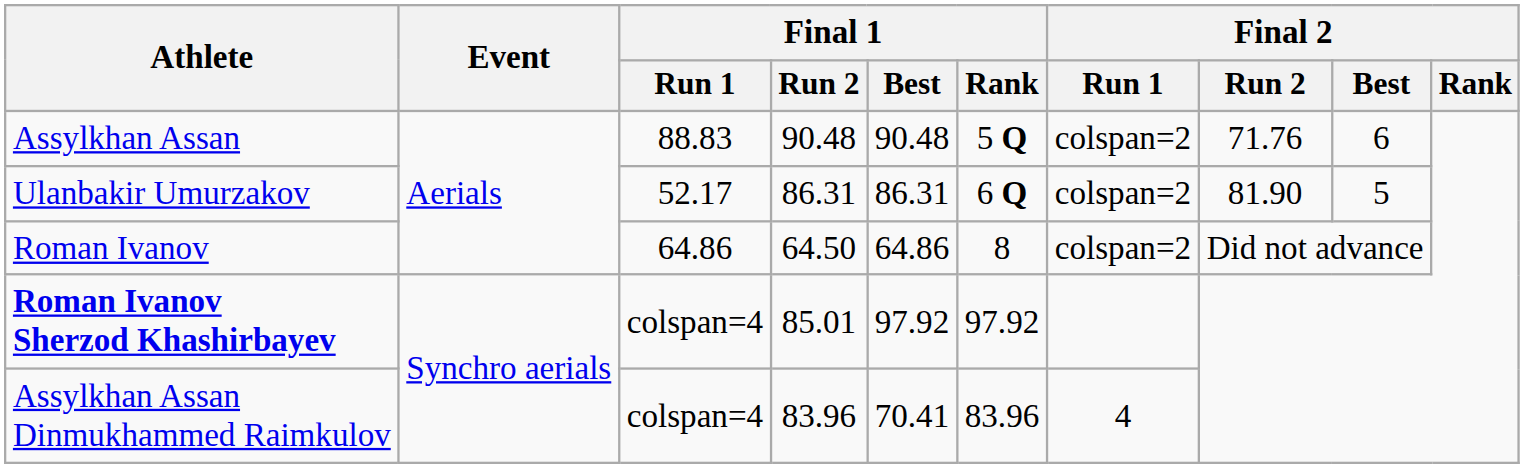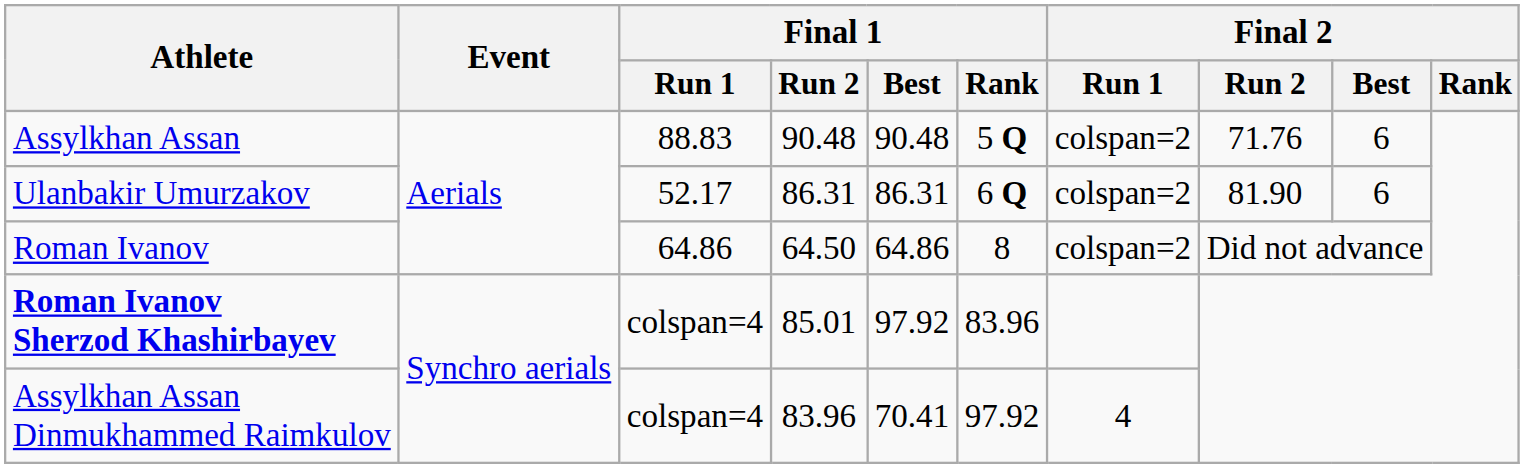 <table class=wikitable style=font-size:90%;text-align:center>
 <tr>
 <th rowspan=2>Athlete</th>
 <th rowspan=2>Event</th>
 <th colspan=4>Final 1</th>
 <th colspan=4>Final 2</th>
 </tr>
 <tr style="font-size:95%">
 <th>Run 1</th>
 <th>Run 2</th>
 <th>Best</th>
 <th>Rank</th>
 <th>Run 1</th>
 <th>Run 2</th>
 <th>Best</th>
 <th>Rank</th>
 </tr>
 <tr align=center>
 <td align=left><a href='#'>Assylkhan Assan</a></td>
 <td align=left rowspan=3><a href='#'>Aerials</a></td>
 <td>88.83</td>
 <td>90.48</td>
 <td>90.48</td>
 <td>5 <strong>Q</strong></td>
 <td>colspan=2 </td>
 <td>71.76</td>
 <td>6</td>
 </tr>
 <tr align=center>
 <td align=left><a href='#'>Ulanbakir Umurzakov</a></td>
 <td>52.17</td>
 <td>86.31</td>
 <td>86.31</td>
 <td>6 <strong>Q</strong></td>
 <td>colspan=2 </td>
 <td>81.90</td>
-<td>5</td>
+<td>6</td>
 </tr>
 <tr align=center>
 <td align=left><a href='#'>Roman Ivanov</a></td>
 <td>64.86</td>
 <td>64.50</td>
 <td>64.86</td>
 <td>8</td>
 <td>colspan=2 </td>
 <td colspan=2>Did not advance</td>
 </tr>
 <tr align=center>
 <td align=left><strong><a href='#'>Roman Ivanov</a><br><a href='#'>Sherzod Khashirbayev</a></strong></td>
 <td align=left rowspan=2><a href='#'>Synchro aerials</a></td>
 <td>colspan=4 </td>
 <td>85.01</td>
 <td>97.92</td>
-<td>97.92</td>
+<td>83.96</td>
 <td></td>
 </tr>
 <tr align=center>
 <td align=left><a href='#'>Assylkhan Assan</a><br><a href='#'>Dinmukhammed Raimkulov</a></td>
 <td>colspan=4 </td>
 <td>83.96</td>
 <td>70.41</td>
-<td>83.96</td>
+<td>97.92</td>
 <td>4</td>
 </tr>
 </table>
